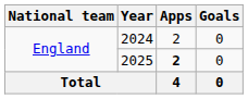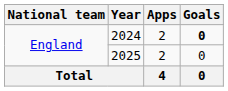 <table class="wikitable" style="text-align: center;">
 <tr>
 <th>National team</th>
 <th>Year</th>
 <th>Apps</th>
 <th>Goals</th>
 </tr>
 <tr>
 <td rowspan="2"><a href='#'>England</a></td>
 <td>2024</td>
 <td>2</td>
-<td>0</td>
+<td><strong>0</strong></td>
 </tr>
 <tr>
 <td>2025</td>
-<td><strong>2</strong></td>
+<td>2</td>
 <td>0</td>
 </tr>
 <tr>
 <th colspan="2">Total</th>
 <th>4</th>
 <th>0</th>
 </tr>
 </table>
